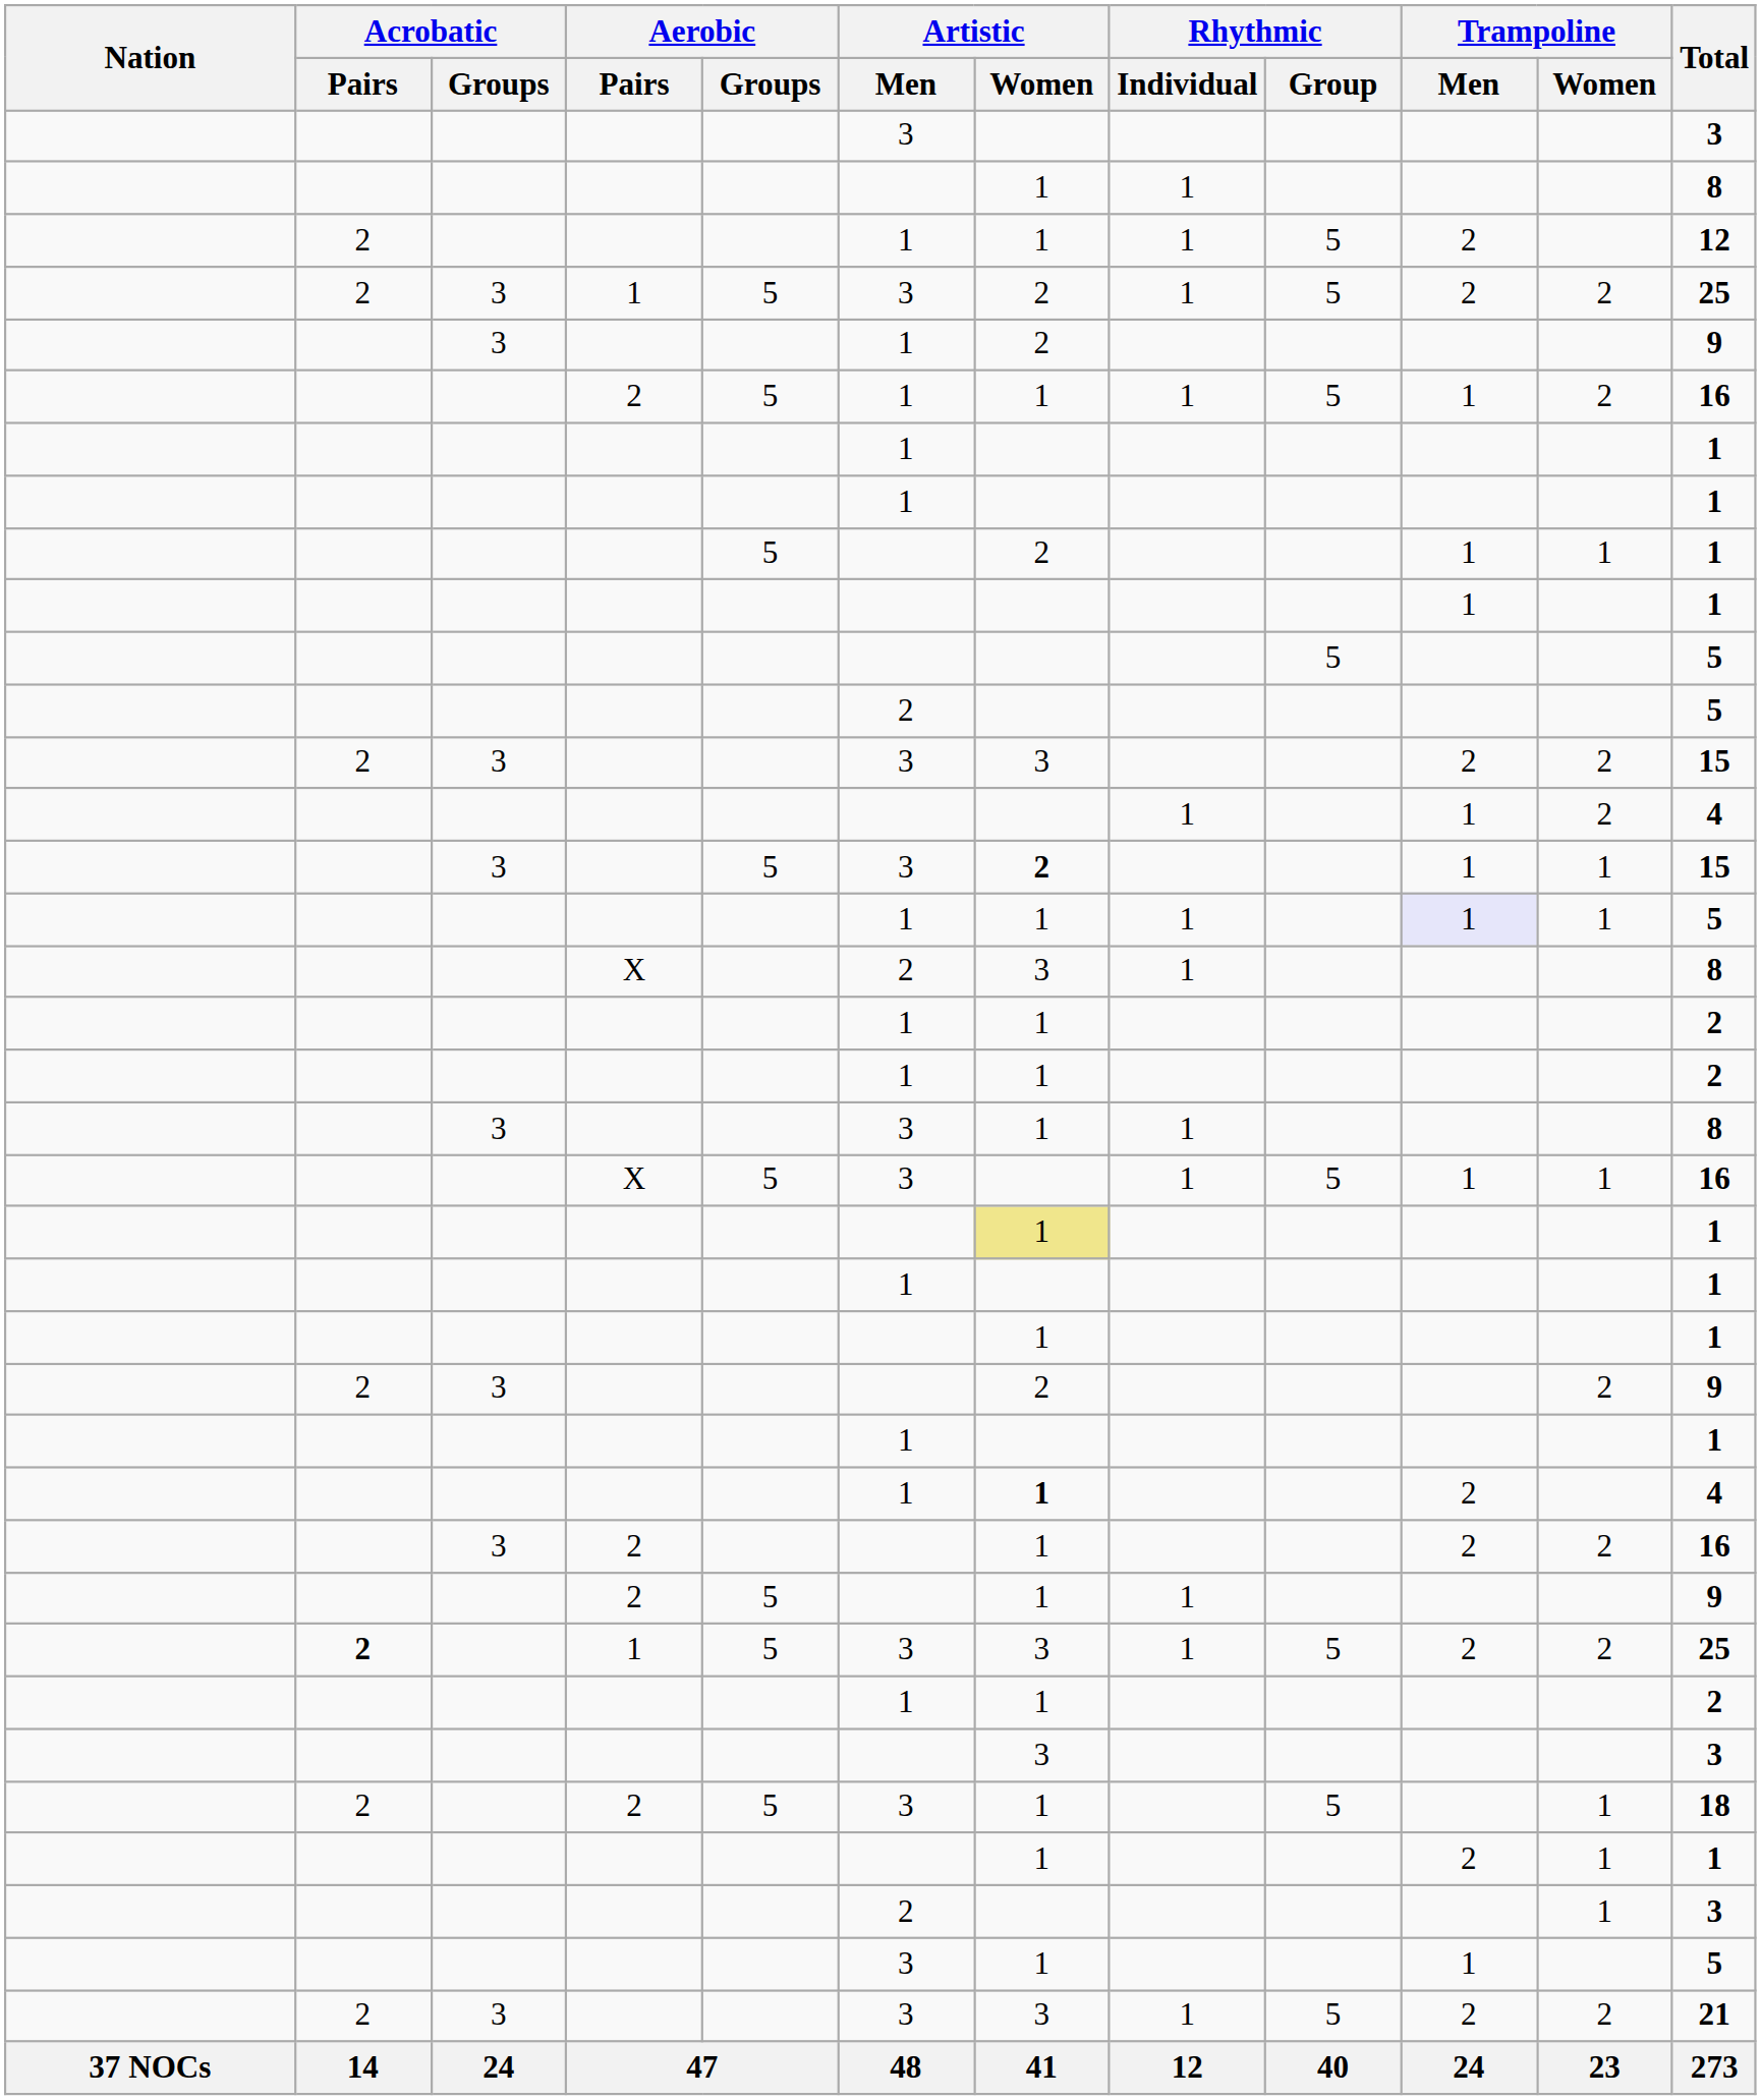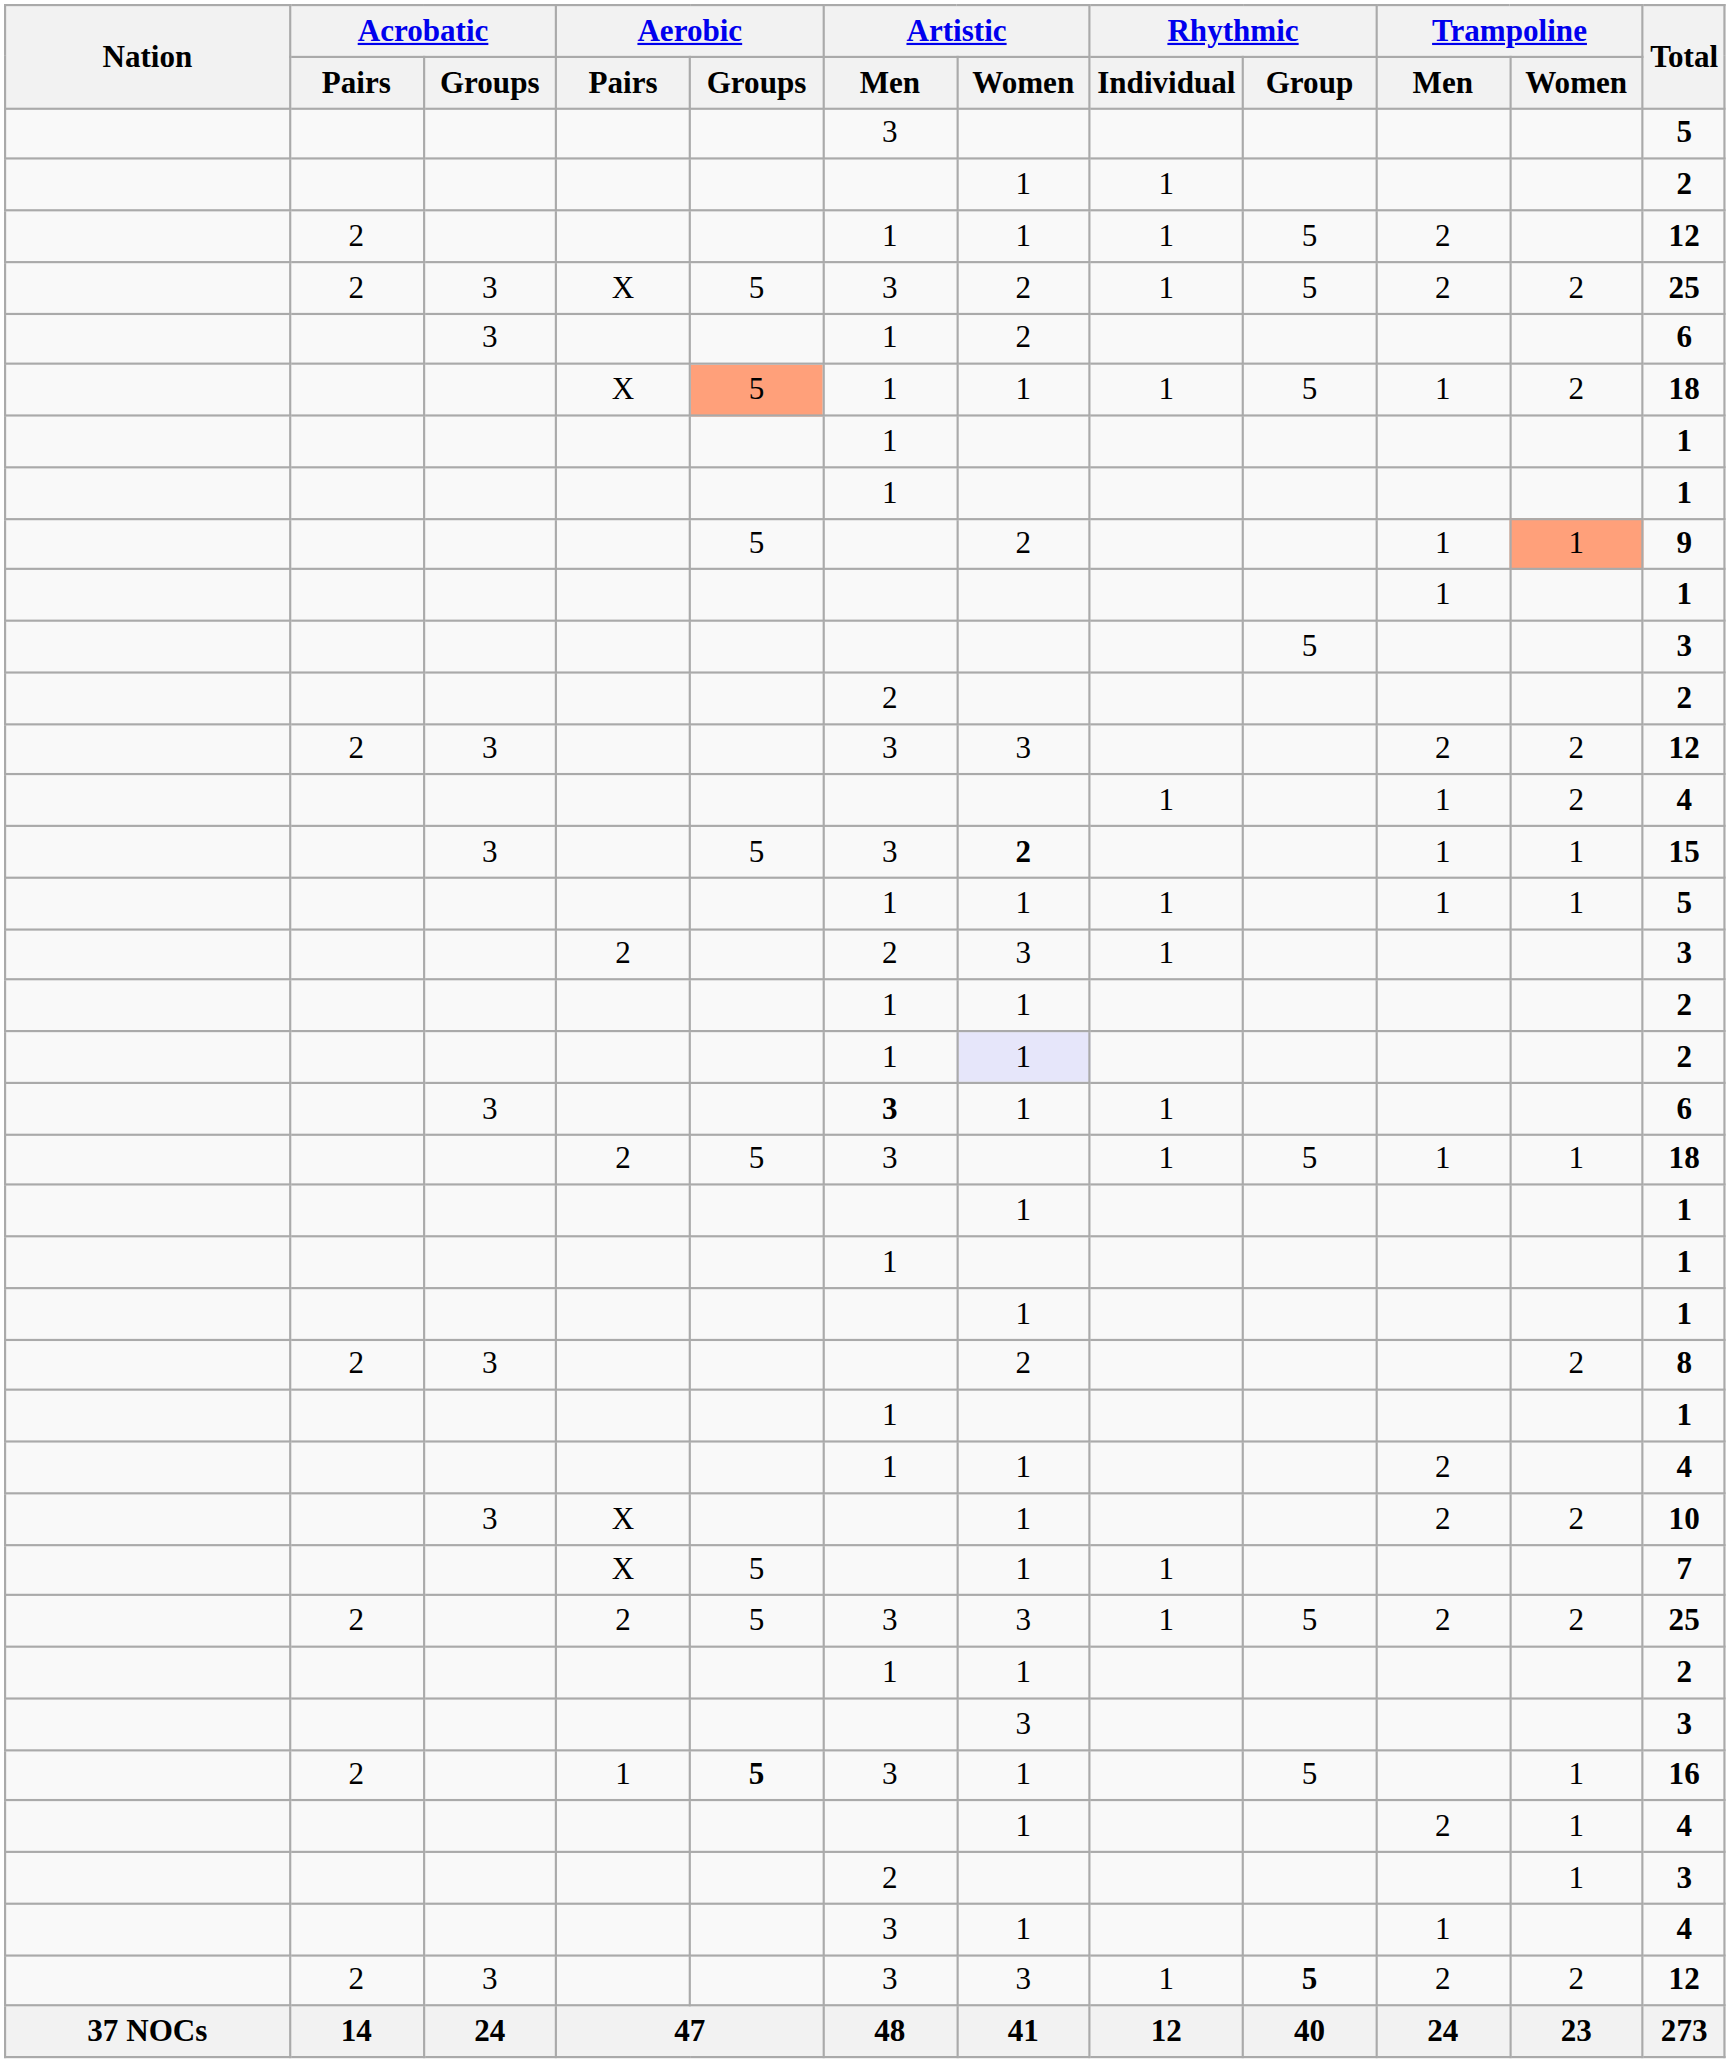 <table class="wikitable"  style="text-align:center; font-size:90%;">
 <tr>
 <th rowspan=2 width=125>Nation</th>
 <th colspan=2><a href='#'>Acrobatic</a></th>
 <th colspan=2><a href='#'>Aerobic</a></th>
 <th colspan=2><a href='#'>Artistic</a></th>
 <th colspan=2><a href='#'>Rhythmic</a></th>
 <th colspan=2><a href='#'>Trampoline</a></th>
 <th rowspan=2>Total</th>
 </tr>
 <tr>
 <th width=55>Pairs</th>
 <th width=55>Groups</th>
 <th width=55>Pairs</th>
 <th width=55>Groups</th>
 <th width=55>Men</th>
 <th width=55>Women</th>
 <th width=55>Individual</th>
 <th width=55>Group</th>
 <th width=55>Men</th>
 <th width=55>Women</th>
 </tr>
 <tr>
 <td align=left></td>
 <td></td>
 <td></td>
 <td></td>
 <td></td>
 <td>3</td>
 <td></td>
 <td></td>
 <td></td>
 <td></td>
 <td></td>
-<td><strong>3</strong></td>
+<td><strong>5</strong></td>
 </tr>
 <tr>
 <td align=left></td>
 <td></td>
 <td></td>
 <td></td>
 <td></td>
 <td></td>
 <td>1</td>
 <td>1</td>
 <td></td>
 <td></td>
 <td></td>
-<td><strong>8</strong></td>
+<td><strong>2</strong></td>
 </tr>
 <tr>
 <td align=left></td>
 <td>2</td>
 <td></td>
 <td></td>
 <td></td>
 <td>1</td>
 <td>1</td>
 <td>1</td>
 <td>5</td>
 <td>2</td>
 <td></td>
 <td><strong>12</strong></td>
 </tr>
 <tr>
 <td align=left></td>
 <td>2</td>
 <td>3</td>
-<td>1</td>
+<td>X</td>
 <td>5</td>
 <td>3</td>
 <td>2</td>
 <td>1</td>
 <td>5</td>
 <td>2</td>
 <td>2</td>
 <td><strong>25</strong></td>
 </tr>
 <tr>
 <td align=left></td>
 <td></td>
 <td>3</td>
 <td></td>
 <td></td>
 <td>1</td>
 <td>2</td>
 <td></td>
 <td></td>
 <td></td>
 <td></td>
-<td><strong>9</strong></td>
+<td><strong>6</strong></td>
 </tr>
 <tr>
 <td align=left></td>
 <td></td>
 <td></td>
-<td>2</td>
-<td>5</td>
+<td>X</td>
+<td style="background: lightsalmon;">5</td>
 <td>1</td>
 <td>1</td>
 <td>1</td>
 <td>5</td>
 <td>1</td>
 <td>2</td>
-<td><strong>16</strong></td>
+<td><strong>18</strong></td>
 </tr>
 <tr>
 <td align=left></td>
 <td></td>
 <td></td>
 <td></td>
 <td></td>
 <td>1</td>
 <td></td>
 <td></td>
 <td></td>
 <td></td>
 <td></td>
 <td><strong>1</strong></td>
 </tr>
 <tr>
 <td align=left></td>
 <td></td>
 <td></td>
 <td></td>
 <td></td>
 <td>1</td>
 <td></td>
 <td></td>
 <td></td>
 <td></td>
 <td></td>
 <td><strong>1</strong></td>
 </tr>
 <tr>
 <td align=left></td>
 <td></td>
 <td></td>
 <td></td>
 <td>5</td>
 <td></td>
 <td>2</td>
 <td></td>
 <td></td>
 <td>1</td>
-<td>1</td>
-<td><strong>1</strong></td>
+<td style="background: lightsalmon;">1</td>
+<td><strong>9</strong></td>
 </tr>
 <tr>
 <td align=left></td>
 <td></td>
 <td></td>
 <td></td>
 <td></td>
 <td></td>
 <td></td>
 <td></td>
 <td></td>
 <td>1</td>
 <td></td>
 <td><strong>1</strong></td>
 </tr>
 <tr>
 <td align=left></td>
 <td></td>
 <td></td>
 <td></td>
 <td></td>
 <td></td>
 <td></td>
 <td></td>
 <td>5</td>
 <td></td>
 <td></td>
-<td><strong>5</strong></td>
+<td><strong>3</strong></td>
 </tr>
 <tr>
 <td align=left></td>
 <td></td>
 <td></td>
 <td></td>
 <td></td>
 <td>2</td>
 <td></td>
 <td></td>
 <td></td>
 <td></td>
 <td></td>
-<td><strong>5</strong></td>
+<td><strong>2</strong></td>
 </tr>
 <tr>
 <td align=left></td>
 <td>2</td>
 <td>3</td>
 <td></td>
 <td></td>
 <td>3</td>
 <td>3</td>
 <td></td>
 <td></td>
 <td>2</td>
 <td>2</td>
-<td><strong>15</strong></td>
+<td><strong>12</strong></td>
 </tr>
 <tr>
 <td align=left></td>
 <td></td>
 <td></td>
 <td></td>
 <td></td>
 <td></td>
 <td></td>
 <td>1</td>
 <td></td>
 <td>1</td>
 <td>2</td>
 <td><strong>4</strong></td>
 </tr>
 <tr>
 <td align=left></td>
 <td></td>
 <td>3</td>
 <td></td>
 <td>5</td>
 <td>3</td>
 <td><strong>2</strong></td>
 <td></td>
 <td></td>
 <td>1</td>
 <td>1</td>
 <td><strong>15</strong></td>
 </tr>
 <tr>
 <td align=left></td>
 <td></td>
 <td></td>
 <td></td>
 <td></td>
 <td>1</td>
 <td>1</td>
 <td>1</td>
 <td></td>
-<td style="background: lavender;">1</td>
+<td>1</td>
 <td>1</td>
 <td><strong>5</strong></td>
 </tr>
 <tr>
 <td align=left></td>
 <td></td>
 <td></td>
-<td>X</td>
+<td>2</td>
 <td></td>
 <td>2</td>
 <td>3</td>
 <td>1</td>
 <td></td>
 <td></td>
 <td></td>
-<td><strong>8</strong></td>
+<td><strong>3</strong></td>
 </tr>
 <tr>
 <td align=left></td>
 <td></td>
 <td></td>
 <td></td>
 <td></td>
 <td>1</td>
 <td>1</td>
 <td></td>
 <td></td>
 <td></td>
 <td></td>
 <td><strong>2</strong></td>
 </tr>
 <tr>
 <td align=left></td>
 <td></td>
 <td></td>
 <td></td>
 <td></td>
 <td>1</td>
-<td>1</td>
+<td style="background: lavender;">1</td>
 <td></td>
 <td></td>
 <td></td>
 <td></td>
 <td><strong>2</strong></td>
 </tr>
 <tr>
 <td align=left></td>
 <td></td>
 <td>3</td>
 <td></td>
 <td></td>
-<td>3</td>
+<td><strong>3</strong></td>
 <td>1</td>
 <td>1</td>
 <td></td>
 <td></td>
 <td></td>
-<td><strong>8</strong></td>
+<td><strong>6</strong></td>
 </tr>
 <tr>
 <td align=left></td>
 <td></td>
 <td></td>
-<td>X</td>
+<td>2</td>
 <td>5</td>
 <td>3</td>
 <td></td>
 <td>1</td>
 <td>5</td>
 <td>1</td>
 <td>1</td>
-<td><strong>16</strong></td>
+<td><strong>18</strong></td>
 </tr>
 <tr>
 <td align=left></td>
 <td></td>
 <td></td>
 <td></td>
 <td></td>
 <td></td>
-<td style="background: khaki;">1</td>
+<td>1</td>
 <td></td>
 <td></td>
 <td></td>
 <td></td>
 <td><strong>1</strong></td>
 </tr>
 <tr>
 <td align=left></td>
 <td></td>
 <td></td>
 <td></td>
 <td></td>
 <td>1</td>
 <td></td>
 <td></td>
 <td></td>
 <td></td>
 <td></td>
 <td><strong>1</strong></td>
 </tr>
 <tr>
 <td align=left></td>
 <td></td>
 <td></td>
 <td></td>
 <td></td>
 <td></td>
 <td>1</td>
 <td></td>
 <td></td>
 <td></td>
 <td></td>
 <td><strong>1</strong></td>
 </tr>
 <tr>
 <td align=left></td>
 <td>2</td>
 <td>3</td>
 <td></td>
 <td></td>
 <td></td>
 <td>2</td>
 <td></td>
 <td></td>
 <td></td>
 <td>2</td>
-<td><strong>9</strong></td>
+<td><strong>8</strong></td>
 </tr>
 <tr>
 <td align=left></td>
 <td></td>
 <td></td>
 <td></td>
 <td></td>
 <td>1</td>
 <td></td>
 <td></td>
 <td></td>
 <td></td>
 <td></td>
 <td><strong>1</strong></td>
 </tr>
 <tr>
 <td align=left></td>
 <td></td>
 <td></td>
 <td></td>
 <td></td>
 <td>1</td>
-<td><strong>1</strong></td>
+<td>1</td>
 <td></td>
 <td></td>
 <td>2</td>
 <td></td>
 <td><strong>4</strong></td>
 </tr>
 <tr>
 <td align=left></td>
 <td></td>
 <td>3</td>
-<td>2</td>
+<td>X</td>
 <td></td>
 <td></td>
 <td>1</td>
 <td></td>
 <td></td>
 <td>2</td>
 <td>2</td>
-<td><strong>16</strong></td>
+<td><strong>10</strong></td>
 </tr>
 <tr>
 <td align=left></td>
 <td></td>
 <td></td>
-<td>2</td>
+<td>X</td>
 <td>5</td>
 <td></td>
 <td>1</td>
 <td>1</td>
 <td></td>
 <td></td>
 <td></td>
-<td><strong>9</strong></td>
+<td><strong>7</strong></td>
 </tr>
 <tr>
 <td align=left></td>
-<td><strong>2</strong></td>
+<td>2</td>
 <td></td>
-<td>1</td>
+<td>2</td>
 <td>5</td>
 <td>3</td>
 <td>3</td>
 <td>1</td>
 <td>5</td>
 <td>2</td>
 <td>2</td>
 <td><strong>25</strong></td>
 </tr>
 <tr>
 <td align=left></td>
 <td></td>
 <td></td>
 <td></td>
 <td></td>
 <td>1</td>
 <td>1</td>
 <td></td>
 <td></td>
 <td></td>
 <td></td>
 <td><strong>2</strong></td>
 </tr>
 <tr>
 <td align=left></td>
 <td></td>
 <td></td>
 <td></td>
 <td></td>
 <td></td>
 <td>3</td>
 <td></td>
 <td></td>
 <td></td>
 <td></td>
 <td><strong>3</strong></td>
 </tr>
 <tr>
 <td align=left></td>
 <td>2</td>
 <td></td>
-<td>2</td>
-<td>5</td>
+<td>1</td>
+<td><strong>5</strong></td>
 <td>3</td>
 <td>1</td>
 <td></td>
 <td>5</td>
 <td></td>
 <td>1</td>
-<td><strong>18</strong></td>
+<td><strong>16</strong></td>
 </tr>
 <tr>
 <td align=left></td>
 <td></td>
 <td></td>
 <td></td>
 <td></td>
 <td></td>
 <td>1</td>
 <td></td>
 <td></td>
 <td>2</td>
 <td>1</td>
-<td><strong>1</strong></td>
+<td><strong>4</strong></td>
 </tr>
 <tr>
 <td align=left></td>
 <td></td>
 <td></td>
 <td></td>
 <td></td>
 <td>2</td>
 <td></td>
 <td></td>
 <td></td>
 <td></td>
 <td>1</td>
 <td><strong>3</strong></td>
 </tr>
 <tr>
 <td align=left></td>
 <td></td>
 <td></td>
 <td></td>
 <td></td>
 <td>3</td>
 <td>1</td>
 <td></td>
 <td></td>
 <td>1</td>
 <td></td>
-<td><strong>5</strong></td>
+<td><strong>4</strong></td>
 </tr>
 <tr>
 <td align=left></td>
 <td>2</td>
 <td>3</td>
 <td></td>
 <td></td>
 <td>3</td>
 <td>3</td>
 <td>1</td>
-<td>5</td>
+<td><strong>5</strong></td>
 <td>2</td>
 <td>2</td>
-<td><strong>21</strong></td>
+<td><strong>12</strong></td>
 </tr>
 <tr>
 <th>37 NOCs</th>
 <th>14</th>
 <th>24</th>
 <th colspan=2>47</th>
 <th>48</th>
 <th>41</th>
 <th>12</th>
 <th>40</th>
 <th>24</th>
 <th>23</th>
 <th>273</th>
 </tr>
 </table>
